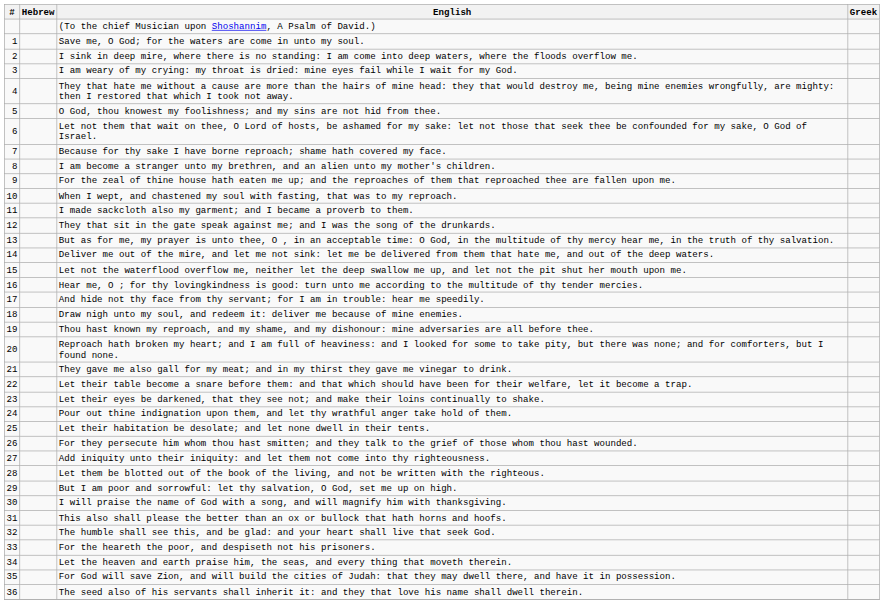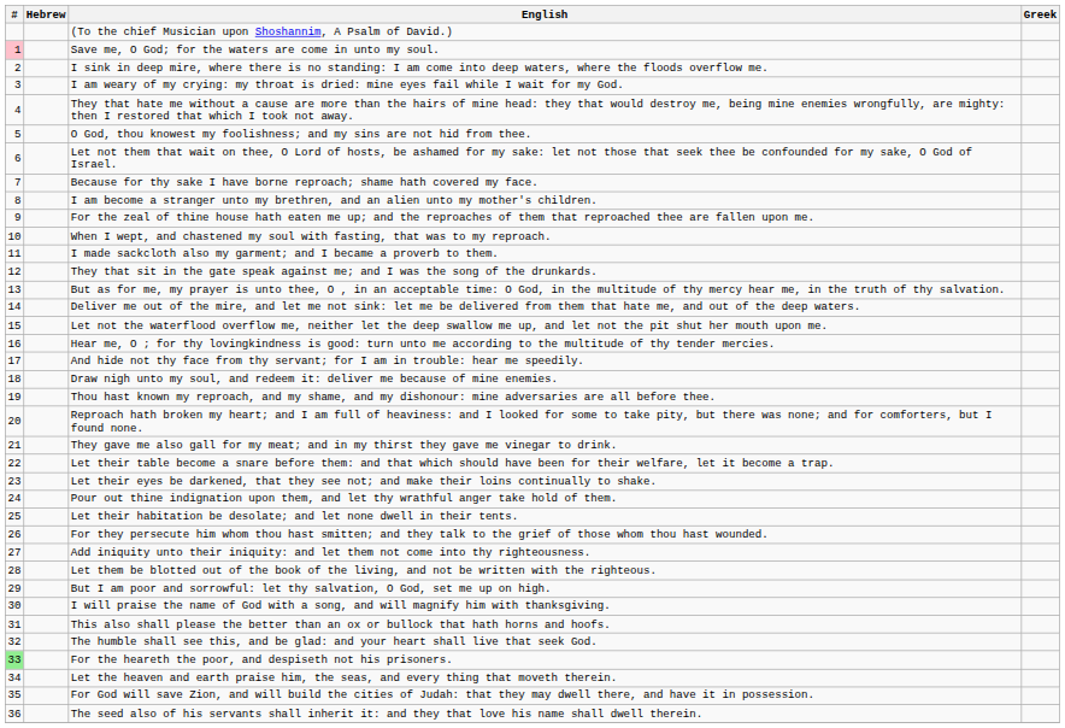 <table class=wikitable>
 <tr>
 <th>#</th>
 <th>Hebrew</th>
 <th>English</th>
 <th>Greek</th>
 </tr>
 <tr>
 <td style="text-align:right"></td>
 <td style="text-align:right"></td>
 <td>(To the chief Musician upon <a href='#'>Shoshannim</a>, A Psalm of David.)</td>
 <td></td>
 </tr>
 <tr>
-<td style="text-align:right">1</td>
+<td style="background: pink; text-align:right">1</td>
 <td style="text-align:right"></td>
 <td>Save me, O God; for the waters are come in unto my soul.</td>
 <td></td>
 </tr>
 <tr>
 <td style="text-align:right">2</td>
 <td style="text-align:right"></td>
 <td>I sink in deep mire, where there is no standing: I am come into deep waters, where the floods overflow me.</td>
 <td></td>
 </tr>
 <tr>
 <td style="text-align:right">3</td>
 <td style="text-align:right"></td>
 <td>I am weary of my crying: my throat is dried: mine eyes fail while I wait for my God.</td>
 <td></td>
 </tr>
 <tr>
 <td style="text-align:right">4</td>
 <td style="text-align:right"></td>
 <td>They that hate me without a cause are more than the hairs of mine head: they that would destroy me, being mine enemies wrongfully, are mighty: then I restored that which I took not away.</td>
 <td></td>
 </tr>
 <tr>
 <td style="text-align:right">5</td>
 <td style="text-align:right"></td>
 <td>O God, thou knowest my foolishness; and my sins are not hid from thee.</td>
 <td></td>
 </tr>
 <tr>
 <td style="text-align:right">6</td>
 <td style="text-align:right"></td>
 <td>Let not them that wait on thee, O Lord  of hosts, be ashamed for my sake: let not those that seek thee be confounded for my sake, O God of Israel.</td>
 <td></td>
 </tr>
 <tr>
 <td style="text-align:right">7</td>
 <td style="text-align:right"></td>
 <td>Because for thy sake I have borne reproach; shame hath covered my face.</td>
 <td></td>
 </tr>
 <tr>
 <td style="text-align:right">8</td>
 <td style="text-align:right"></td>
 <td>I am become a stranger unto my brethren, and an alien unto my mother's children.</td>
 <td></td>
 </tr>
 <tr>
 <td style="text-align:right">9</td>
 <td style="text-align:right"></td>
 <td>For the zeal of thine house hath eaten me up; and the reproaches of them that reproached thee are fallen upon me.</td>
 <td></td>
 </tr>
 <tr>
 <td style="text-align:right">10</td>
 <td style="text-align:right"></td>
 <td>When I wept, and chastened my soul with fasting, that was to my reproach.</td>
 <td></td>
 </tr>
 <tr>
 <td style="text-align:right">11</td>
 <td style="text-align:right"></td>
 <td>I made sackcloth also my garment; and I became a proverb to them.</td>
 <td></td>
 </tr>
 <tr>
 <td style="text-align:right">12</td>
 <td style="text-align:right"></td>
 <td>They that sit in the gate speak against me; and I was the song of the drunkards.</td>
 <td></td>
 </tr>
 <tr>
 <td style="text-align:right">13</td>
 <td style="text-align:right"></td>
 <td>But as for me, my prayer is unto thee, O , in an acceptable time: O God, in the multitude of thy mercy hear me, in the truth of thy salvation.</td>
 <td></td>
 </tr>
 <tr>
 <td style="text-align:right">14</td>
 <td style="text-align:right"></td>
 <td>Deliver me out of the mire, and let me not sink: let me be delivered from them that hate me, and out of the deep waters.</td>
 <td></td>
 </tr>
 <tr>
 <td style="text-align:right">15</td>
 <td style="text-align:right"></td>
 <td>Let not the waterflood overflow me, neither let the deep swallow me up, and let not the pit shut her mouth upon me.</td>
 <td></td>
 </tr>
 <tr>
 <td style="text-align:right">16</td>
 <td style="text-align:right"></td>
 <td>Hear me, O ; for thy lovingkindness is good: turn unto me according to the multitude of thy tender mercies.</td>
 <td></td>
 </tr>
 <tr>
 <td style="text-align:right">17</td>
 <td style="text-align:right"></td>
 <td>And hide not thy face from thy servant; for I am in trouble: hear me speedily.</td>
 <td></td>
 </tr>
 <tr>
 <td style="text-align:right">18</td>
 <td style="text-align:right"></td>
 <td>Draw nigh unto my soul, and redeem it: deliver me because of mine enemies.</td>
 <td></td>
 </tr>
 <tr>
 <td style="text-align:right">19</td>
 <td style="text-align:right"></td>
 <td>Thou hast known my reproach, and my shame, and my dishonour: mine adversaries are all before thee.</td>
 <td></td>
 </tr>
 <tr>
 <td style="text-align:right">20</td>
 <td style="text-align:right"></td>
 <td>Reproach hath broken my heart; and I am full of heaviness: and I looked for some to take pity, but there was none; and for comforters, but I found none.</td>
 <td></td>
 </tr>
 <tr>
 <td style="text-align:right">21</td>
 <td style="text-align:right"></td>
 <td>They gave me also gall for my meat; and in my thirst they gave me vinegar to drink.</td>
 <td></td>
 </tr>
 <tr>
 <td style="text-align:right">22</td>
 <td style="text-align:right"></td>
 <td>Let their table become a snare before them: and that which should have been for their welfare, let it become a trap.</td>
 <td></td>
 </tr>
 <tr>
 <td style="text-align:right">23</td>
 <td style="text-align:right"></td>
 <td>Let their eyes be darkened, that they see not; and make their loins continually to shake.</td>
 <td></td>
 </tr>
 <tr>
 <td style="text-align:right">24</td>
 <td style="text-align:right"></td>
 <td>Pour out thine indignation upon them, and let thy wrathful anger take hold of them.</td>
 <td></td>
 </tr>
 <tr>
 <td style="text-align:right">25</td>
 <td style="text-align:right"></td>
 <td>Let their habitation be desolate; and let none dwell in their tents.</td>
 <td></td>
 </tr>
 <tr>
 <td style="text-align:right">26</td>
 <td style="text-align:right"></td>
 <td>For they persecute him whom thou hast smitten; and they talk to the grief of those whom thou hast wounded.</td>
 <td></td>
 </tr>
 <tr>
 <td style="text-align:right">27</td>
 <td style="text-align:right"></td>
 <td>Add iniquity unto their iniquity: and let them not come into thy righteousness.</td>
 <td></td>
 </tr>
 <tr>
 <td style="text-align:right">28</td>
 <td style="text-align:right"></td>
 <td>Let them be blotted out of the book of the living, and not be written with the righteous.</td>
 <td></td>
 </tr>
 <tr>
 <td style="text-align:right">29</td>
 <td style="text-align:right"></td>
 <td>But I am poor and sorrowful: let thy salvation, O God, set me up on high.</td>
 <td></td>
 </tr>
 <tr>
 <td style="text-align:right">30</td>
 <td style="text-align:right"></td>
 <td>I will praise the name of God with a song, and will magnify him with thanksgiving.</td>
 <td></td>
 </tr>
 <tr>
 <td style="text-align:right">31</td>
 <td style="text-align:right"></td>
 <td>This also shall please the  better than an ox or bullock that hath horns and hoofs.</td>
 <td></td>
 </tr>
 <tr>
 <td style="text-align:right">32</td>
 <td style="text-align:right"></td>
 <td>The humble shall see this, and be glad: and your heart shall live that seek God.</td>
 <td></td>
 </tr>
 <tr>
-<td style="text-align:right">33</td>
+<td style="background: lightgreen; text-align:right">33</td>
 <td style="text-align:right"></td>
 <td>For the  heareth the poor, and despiseth not his prisoners.</td>
 <td></td>
 </tr>
 <tr>
 <td style="text-align:right">34</td>
 <td style="text-align:right"></td>
 <td>Let the heaven and earth praise him, the seas, and every thing that moveth therein.</td>
 <td></td>
 </tr>
 <tr>
 <td style="text-align:right">35</td>
 <td style="text-align:right"></td>
 <td>For God will save Zion, and will build the cities of Judah: that they may dwell there, and have it in possession.</td>
 <td></td>
 </tr>
 <tr>
 <td style="text-align:right">36</td>
 <td style="text-align:right"></td>
 <td>The seed also of his servants shall inherit it: and they that love his name shall dwell therein.</td>
 <td></td>
 </tr>
 <tr>
 </tr>
 </table>
